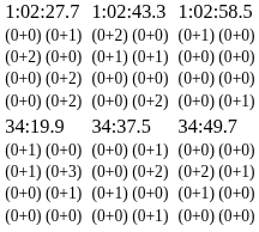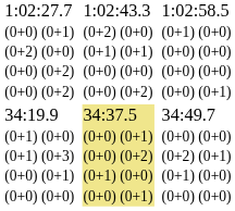 <table>
 <tr>
 <td><br></td>
 <td></td>
 <td>1:02:27.7<br><small>(0+0) (0+1)<br>(0+2) (0+0)<br>(0+0) (0+2)<br>(0+0) (0+2)</small></td>
 <td></td>
 <td>1:02:43.3<br><small>(0+2) (0+0)<br>(0+1) (0+1)<br>(0+0) (0+0)<br>(0+0) (0+2)</small></td>
 <td></td>
 <td>1:02:58.5<br><small>(0+1) (0+0)<br>(0+0) (0+0)<br>(0+0) (0+0)<br>(0+0) (0+1)</small></td>
 </tr>
 <tr>
 <td><br></td>
 <td></td>
 <td>34:19.9<br><small>(0+1) (0+0)<br>(0+1) (0+3)<br>(0+0) (0+1)<br>(0+0) (0+0)</small></td>
 <td></td>
-<td>34:37.5<br><small>(0+0) (0+1)<br>(0+0) (0+2)<br>(0+1) (0+0)<br>(0+0) (0+1)</small></td>
+<td style="background: khaki;">34:37.5<br><small>(0+0) (0+1)<br>(0+0) (0+2)<br>(0+1) (0+0)<br>(0+0) (0+1)</small></td>
 <td></td>
 <td>34:49.7<br><small>(0+0) (0+0)<br>(0+2) (0+1)<br>(0+1) (0+0)<br>(0+0) (0+0)</small></td>
 </tr>
 </table>
